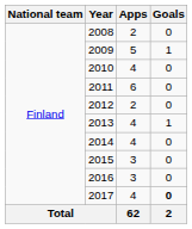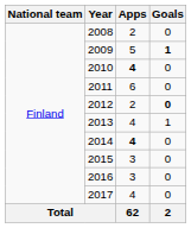 <table class="wikitable" style="text-align:center">
 <tr>
 <th>National team</th>
 <th>Year</th>
 <th>Apps</th>
 <th>Goals</th>
 </tr>
 <tr>
 <td rowspan="10“"><a href='#'>Finland</a></td>
 <td>2008</td>
 <td>2</td>
 <td>0</td>
 </tr>
 <tr>
 <td>2009</td>
 <td>5</td>
-<td>1</td>
+<td><strong>1</strong></td>
 </tr>
 <tr>
 <td>2010</td>
-<td>4</td>
+<td><strong>4</strong></td>
 <td>0</td>
 </tr>
 <tr>
 <td>2011</td>
 <td>6</td>
 <td>0</td>
 </tr>
 <tr>
 <td>2012</td>
 <td>2</td>
-<td>0</td>
+<td><strong>0</strong></td>
 </tr>
 <tr>
 <td>2013</td>
 <td>4</td>
 <td>1</td>
 </tr>
 <tr>
 <td>2014</td>
-<td>4</td>
+<td><strong>4</strong></td>
 <td>0</td>
 </tr>
 <tr>
 <td>2015</td>
 <td>3</td>
 <td>0</td>
 </tr>
 <tr>
 <td>2016</td>
 <td>3</td>
 <td>0</td>
 </tr>
 <tr>
 <td>2017</td>
 <td>4</td>
-<td><strong>0</strong></td>
+<td>0</td>
 </tr>
 <tr>
 <th colspan="2">Total</th>
 <th>62</th>
 <th>2</th>
 </tr>
 </table>
